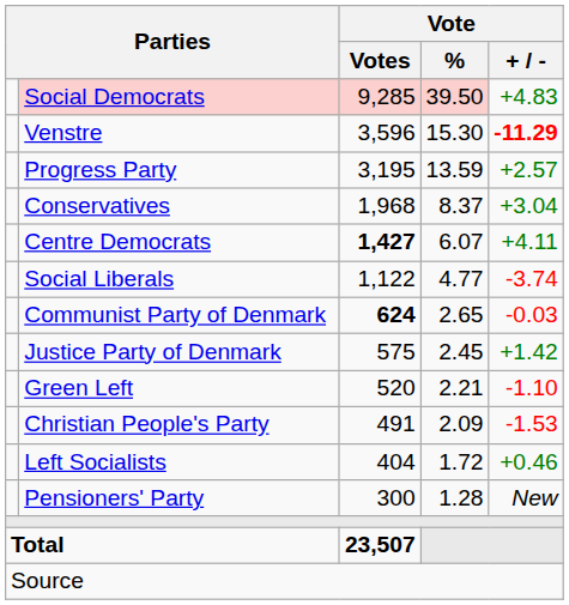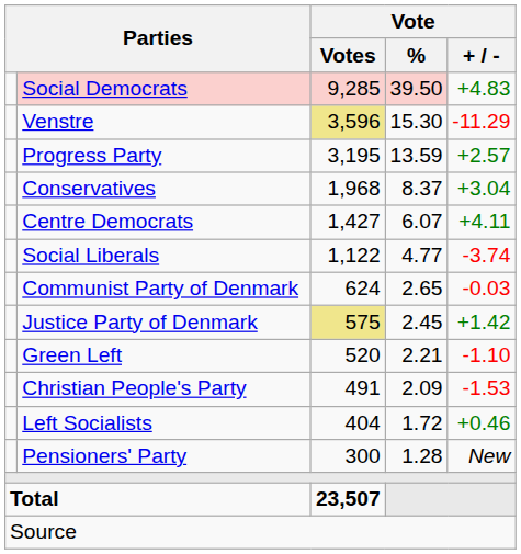 <table class="wikitable" style="text-align:right;">
 <tr>
 <th style="text-align:centre;" rowspan="2" colspan="2" width="225">Parties</th>
 <th colspan="3">Vote</th>
 </tr>
 <tr>
 <th width="15">Votes</th>
 <th width="15">%</th>
 <th width="15">+ / -</th>
 </tr>
 <tr>
 <td width="2" style="color:inherit;background:"></td>
 <td bgcolor=#fbd0ce  align="left"><a href='#'>Social Democrats</a></td>
 <td bgcolor=#fbd0ce>9,285</td>
 <td bgcolor=#fbd0ce>39.50</td>
 <td style=color:green;>+4.83</td>
 </tr>
 <tr>
 <td width="2" style="color:inherit;background:"></td>
 <td align="left"><a href='#'>Venstre</a></td>
-<td>3,596</td>
+<td style="background: khaki;">3,596</td>
 <td>15.30</td>
-<td style=color:red;><strong>-11.29</strong></td>
+<td style=color:red;>-11.29</td>
 </tr>
 <tr>
 <td width="2" style="color:inherit;background:"></td>
 <td align="left"><a href='#'>Progress Party</a></td>
 <td>3,195</td>
 <td>13.59</td>
 <td style=color:green;>+2.57</td>
 </tr>
 <tr>
 <td width="2" style="color:inherit;background:"></td>
 <td align="left"><a href='#'>Conservatives</a></td>
 <td>1,968</td>
 <td>8.37</td>
 <td style=color:green;>+3.04</td>
 </tr>
 <tr>
 <td width="2" style="color:inherit;background:"></td>
 <td align="left"><a href='#'>Centre Democrats</a></td>
-<td><strong>1,427</strong></td>
+<td>1,427</td>
 <td>6.07</td>
 <td style=color:green;>+4.11</td>
 </tr>
 <tr>
 <td width="2" style="color:inherit;background:"></td>
 <td align="left"><a href='#'>Social Liberals</a></td>
 <td>1,122</td>
 <td>4.77</td>
 <td style=color:red;>-3.74</td>
 </tr>
 <tr>
 <td width="2" style="color:inherit;background:"></td>
 <td align="left"><a href='#'>Communist Party of Denmark</a></td>
-<td><strong>624</strong></td>
+<td>624</td>
 <td>2.65</td>
 <td style=color:red;>-0.03</td>
 </tr>
 <tr>
 <td width="2" style="color:inherit;background:"></td>
 <td align="left"><a href='#'>Justice Party of Denmark</a></td>
-<td>575</td>
+<td style="background: khaki;">575</td>
 <td>2.45</td>
 <td style=color:green;>+1.42</td>
 </tr>
 <tr>
 <td width="2" style="color:inherit;background:"></td>
 <td align="left"><a href='#'>Green Left</a></td>
 <td>520</td>
 <td>2.21</td>
 <td style=color:red;>-1.10</td>
 </tr>
 <tr>
 <td width="2" style="color:inherit;background:"></td>
 <td align="left"><a href='#'>Christian People's Party</a></td>
 <td>491</td>
 <td>2.09</td>
 <td style=color:red;>-1.53</td>
 </tr>
 <tr>
 <td width="2" style="color:inherit;background:"></td>
 <td align="left"><a href='#'>Left Socialists</a></td>
 <td>404</td>
 <td>1.72</td>
 <td style=color:green;>+0.46</td>
 </tr>
 <tr>
 <td width="2" style="color:inherit;background:"></td>
 <td align="left"><a href='#'>Pensioners' Party</a></td>
 <td>300</td>
 <td>1.28</td>
 <td><em>New</em></td>
 </tr>
 <tr>
 <td colspan="7" bgcolor="#E9E9E9"></td>
 </tr>
 <tr>
 <td align="left" colspan="2"><strong>Total</strong></td>
 <td><strong>23,507</strong></td>
 <td bgcolor="#E9E9E9" colspan="2"></td>
 </tr>
 <tr>
 <td align="left" colspan="6">Source</td>
 </tr>
 </table>
